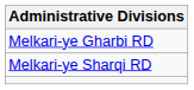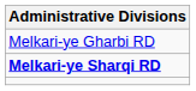 <table class="wikitable">
 <tr>
 <th>Administrative Divisions</th>
 </tr>
 <tr>
 <td><a href='#'>Melkari-ye Gharbi RD</a></td>
 </tr>
 <tr>
-<td><a href='#'>Melkari-ye Sharqi RD</a></td>
+<td><strong><a href='#'>Melkari-ye Sharqi RD</a></strong></td>
 </tr>
 <tr>
 <td colspan=1></td>
 </tr>
 </table>
